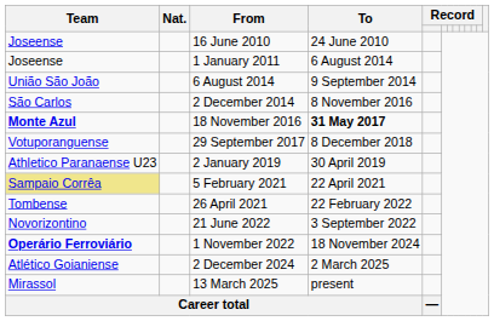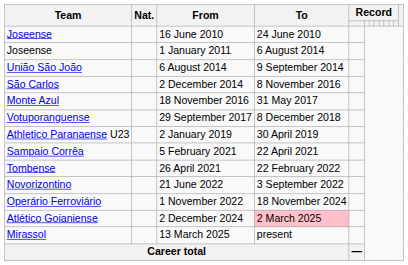 <table class="wikitable" style="text-align: center">
 <tr>
 <th rowspan="2">Team</th>
 <th rowspan="2">Nat.</th>
 <th rowspan="2">From</th>
 <th rowspan="2">To</th>
 <th colspan="8">Record</th>
 <th rowspan=2></th>
 </tr>
 <tr>
 <th></th>
 <th></th>
 <th></th>
 <th></th>
 <th></th>
 <th></th>
 <th></th>
 <th></th>
 </tr>
 <tr>
 <td align="left"><a href='#'>Joseense</a></td>
 <td></td>
 <td align=left>16 June 2010</td>
 <td align=left>24 June 2010<br></td>
 <td></td>
 </tr>
 <tr>
 <td align="left">Joseense</td>
 <td></td>
 <td align=left>1 January 2011</td>
 <td align=left>6 August 2014<br></td>
 <td></td>
 </tr>
 <tr>
 <td align="left"><a href='#'>União São João</a></td>
 <td></td>
 <td align=left>6 August 2014</td>
 <td align=left>9 September 2014<br></td>
 <td></td>
 </tr>
 <tr>
 <td align="left"><a href='#'>São Carlos</a></td>
 <td></td>
 <td align=left>2 December 2014</td>
 <td align=left>8 November 2016<br></td>
 <td></td>
 </tr>
 <tr>
-<td align="left"><strong><a href='#'>Monte Azul</a></strong></td>
+<td align="left"><a href='#'>Monte Azul</a></td>
 <td></td>
 <td align=left>18 November 2016</td>
-<td align=left><strong>31 May 2017<br></strong></td>
+<td align=left>31 May 2017<br></td>
 <td></td>
 </tr>
 <tr>
 <td align="left"><a href='#'>Votuporanguense</a></td>
 <td></td>
 <td align=left>29 September 2017</td>
 <td align=left>8 December 2018<br></td>
 <td></td>
 </tr>
 <tr>
 <td align="left"><a href='#'>Athletico Paranaense</a> U23</td>
 <td></td>
 <td align=left>2 January 2019</td>
 <td align=left>30 April 2019<br></td>
 <td></td>
 </tr>
 <tr>
-<td align="left" style="background: khaki;"><a href='#'>Sampaio Corrêa</a></td>
+<td align="left"><a href='#'>Sampaio Corrêa</a></td>
 <td></td>
 <td align=left>5 February 2021</td>
 <td align=left>22 April 2021<br></td>
 <td></td>
 </tr>
 <tr>
 <td align="left"><a href='#'>Tombense</a></td>
 <td></td>
 <td align=left>26 April 2021</td>
 <td align=left>22 February 2022<br></td>
 <td></td>
 </tr>
 <tr>
 <td align="left"><a href='#'>Novorizontino</a></td>
 <td></td>
 <td align=left>21 June 2022</td>
 <td align=left>3 September 2022<br></td>
 <td></td>
 </tr>
 <tr>
-<td align="left"><strong><a href='#'>Operário Ferroviário</a></strong></td>
+<td align="left"><a href='#'>Operário Ferroviário</a></td>
 <td></td>
 <td align=left>1 November 2022</td>
 <td align=left>18 November 2024<br></td>
 <td></td>
 </tr>
 <tr>
 <td align="left"><a href='#'>Atlético Goianiense</a></td>
 <td></td>
 <td align=left>2 December 2024</td>
-<td align=left>2 March 2025<br></td>
+<td align=left style="background: pink;">2 March 2025<br></td>
 <td></td>
 </tr>
 <tr>
 <td align="left"><a href='#'>Mirassol</a></td>
 <td></td>
 <td align=left>13 March 2025</td>
 <td align=left>present<br></td>
 <td></td>
 </tr>
 <tr>
 <th colspan=4><strong>Career total</strong><br></th>
 <th>—</th>
 </tr>
 </table>
